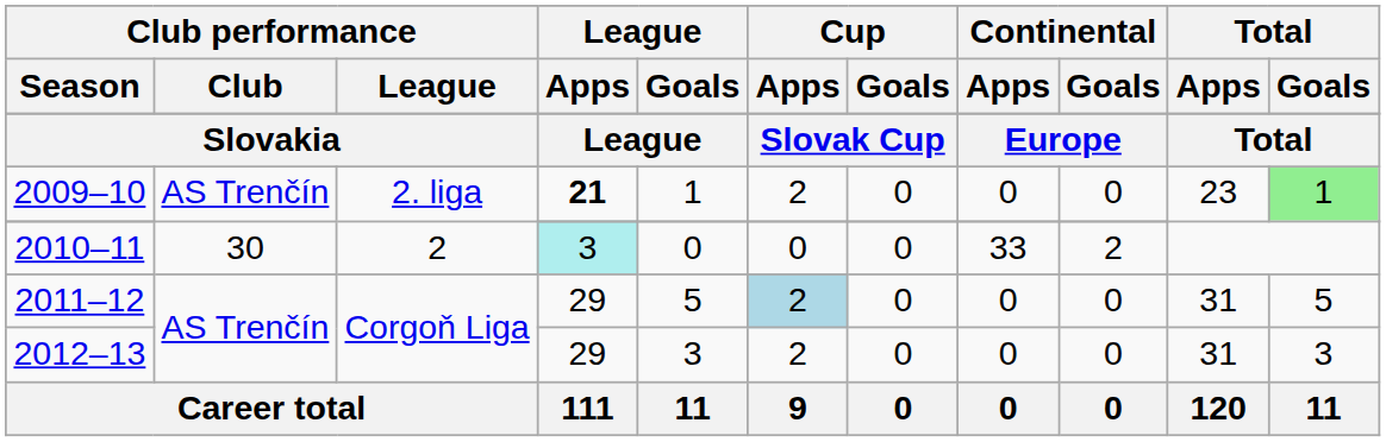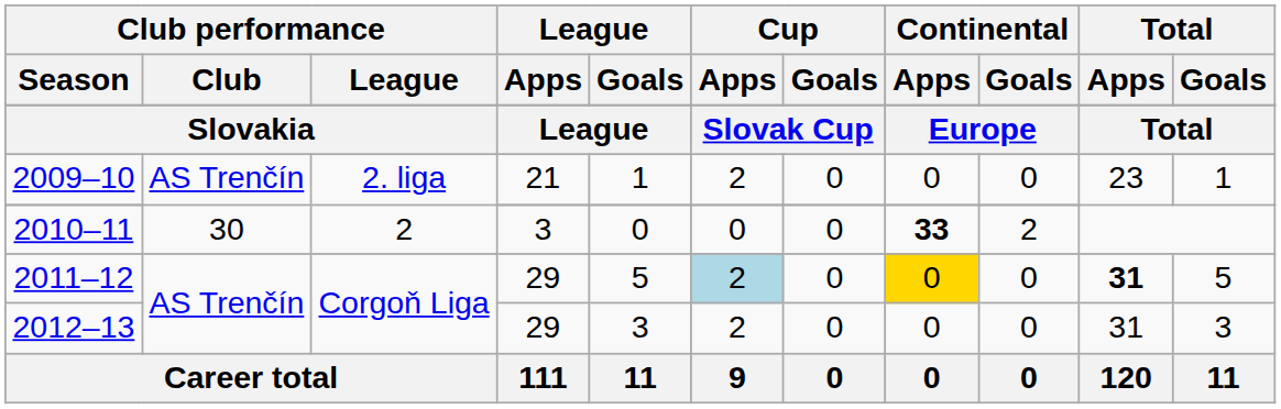 <table class="wikitable" style="text-align:center">
 <tr>
 <th colspan=3>Club performance</th>
 <th colspan=2>League</th>
 <th colspan=2>Cup</th>
 <th colspan=2>Continental</th>
 <th colspan=2>Total</th>
 </tr>
 <tr>
 <th>Season</th>
 <th>Club</th>
 <th>League</th>
 <th>Apps</th>
 <th>Goals</th>
 <th>Apps</th>
 <th>Goals</th>
 <th>Apps</th>
 <th>Goals</th>
 <th>Apps</th>
 <th>Goals</th>
 </tr>
 <tr>
 </tr>
 <tr>
 <th colspan=3>Slovakia</th>
 <th colspan=2>League</th>
 <th colspan=2><a href='#'>Slovak Cup</a></th>
 <th colspan=2><a href='#'>Europe</a></th>
 <th colspan=2>Total</th>
 </tr>
 <tr>
 <td><a href='#'>2009–10</a></td>
 <td rowspan="2"><a href='#'>AS Trenčín</a></td>
 <td rowspan="2"><a href='#'>2. liga</a></td>
-<td><strong>21</strong></td>
+<td>21</td>
 <td>1</td>
 <td>2</td>
 <td>0</td>
 <td>0</td>
 <td>0</td>
 <td>23</td>
-<td style="background: lightgreen;">1</td>
+<td>1</td>
 </tr>
 <tr>
 </tr>
 <tr>
 <td><a href='#'>2010–11</a></td>
 <td>30</td>
 <td>2</td>
-<td style="background: paleturquoise;">3</td>
+<td>3</td>
 <td>0</td>
 <td>0</td>
 <td>0</td>
-<td>33</td>
+<td><strong>33</strong></td>
 <td>2</td>
 </tr>
 <tr>
 <td><a href='#'>2011–12</a></td>
 <td rowspan="2"><a href='#'>AS Trenčín</a></td>
 <td rowspan="2"><a href='#'>Corgoň Liga</a></td>
 <td>29</td>
 <td>5</td>
 <td style="background: lightblue;">2</td>
 <td>0</td>
+<td style="background: gold;">0</td>
 <td>0</td>
-<td>0</td>
-<td>31</td>
+<td><strong>31</strong></td>
 <td>5</td>
 </tr>
 <tr>
 <td><a href='#'>2012–13</a></td>
 <td>29</td>
 <td>3</td>
 <td>2</td>
 <td>0</td>
 <td>0</td>
 <td>0</td>
 <td>31</td>
 <td>3</td>
 </tr>
 <tr>
 <th colspan=3>Career total</th>
 <th>111</th>
 <th>11</th>
 <th>9</th>
 <th>0</th>
 <th>0</th>
 <th>0</th>
 <th>120</th>
 <th>11</th>
 </tr>
 </table>
